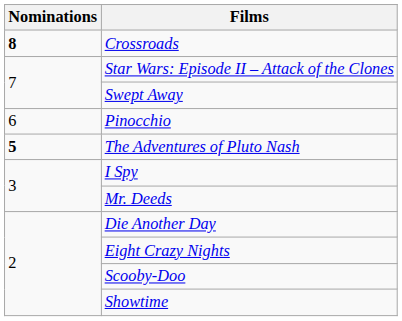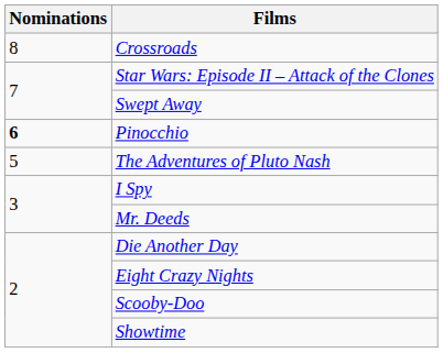 <table class="wikitable">
 <tr>
 <th>Nominations</th>
 <th>Films</th>
 </tr>
 <tr>
-<td><strong>8</strong></td>
+<td>8</td>
 <td><a href='#'><em>Crossroads</em></a></td>
 </tr>
 <tr>
 <td rowspan="2">7</td>
 <td><em><a href='#'>Star Wars: Episode II – Attack of the Clones</a></em></td>
 </tr>
 <tr>
 <td><a href='#'><em>Swept Away</em></a></td>
 </tr>
 <tr>
-<td>6</td>
+<td><strong>6</strong></td>
 <td><a href='#'><em>Pinocchio</em></a></td>
 </tr>
 <tr>
-<td><strong>5</strong></td>
+<td>5</td>
 <td><em><a href='#'>The Adventures of Pluto Nash</a></em></td>
 </tr>
 <tr>
 <td rowspan="2">3</td>
 <td><a href='#'><em>I Spy</em></a></td>
 </tr>
 <tr>
 <td><em><a href='#'>Mr. Deeds</a></em></td>
 </tr>
 <tr>
 <td rowspan="4">2</td>
 <td><em><a href='#'>Die Another Day</a></em></td>
 </tr>
 <tr>
 <td><em><a href='#'>Eight Crazy Nights</a></em></td>
 </tr>
 <tr>
 <td><a href='#'><em>Scooby-Doo</em></a></td>
 </tr>
 <tr>
 <td><a href='#'><em>Showtime</em></a></td>
 </tr>
 </table>
